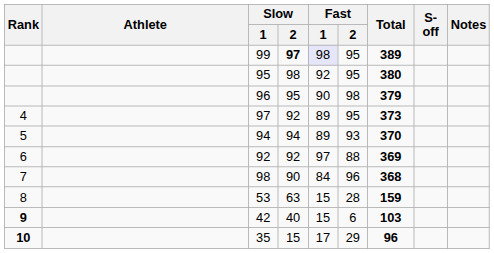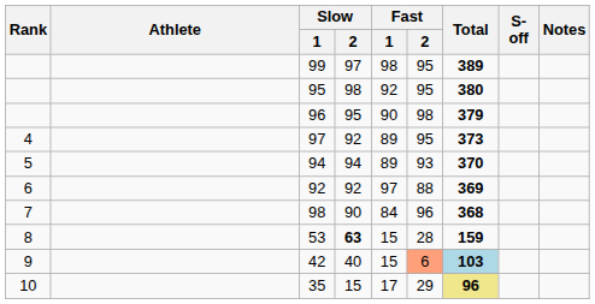 <table class="wikitable" style="text-align:center">
 <tr>
 <th rowspan=2 width=40>Rank</th>
 <th rowspan=2 width=250>Athlete</th>
 <th colspan=2>Slow</th>
 <th colspan=2>Fast</th>
 <th rowspan=2 width=50>Total</th>
 <th rowspan=2 width=35>S-off</th>
 <th rowspan=2 width=45>Notes</th>
 </tr>
 <tr>
 <th width=30>1</th>
 <th width=30>2</th>
 <th width=30>1</th>
 <th width=30>2</th>
 </tr>
 <tr>
 <td></td>
 <td align=left></td>
 <td>99</td>
-<td><strong>97</strong></td>
-<td style="background: lavender;">98</td>
+<td>97</td>
+<td>98</td>
 <td>95</td>
 <td><strong>389</strong></td>
 <td></td>
 <td></td>
 </tr>
 <tr>
 <td></td>
 <td align=left></td>
 <td>95</td>
 <td>98</td>
 <td>92</td>
 <td>95</td>
 <td><strong>380</strong></td>
 <td></td>
 <td></td>
 </tr>
 <tr>
 <td></td>
 <td align=left></td>
 <td>96</td>
 <td>95</td>
 <td>90</td>
 <td>98</td>
 <td><strong>379</strong></td>
 <td></td>
 <td></td>
 </tr>
 <tr>
 <td>4</td>
 <td align=left></td>
 <td>97</td>
 <td>92</td>
 <td>89</td>
 <td>95</td>
 <td><strong>373</strong></td>
 <td></td>
 <td></td>
 </tr>
 <tr>
 <td>5</td>
 <td align=left></td>
 <td>94</td>
 <td>94</td>
 <td>89</td>
 <td>93</td>
 <td><strong>370</strong></td>
 <td></td>
 <td></td>
 </tr>
 <tr>
 <td>6</td>
 <td align=left></td>
 <td>92</td>
 <td>92</td>
 <td>97</td>
 <td>88</td>
 <td><strong>369</strong></td>
 <td></td>
 <td></td>
 </tr>
 <tr>
 <td>7</td>
 <td align=left></td>
 <td>98</td>
 <td>90</td>
 <td>84</td>
 <td>96</td>
 <td><strong>368</strong></td>
 <td></td>
 <td></td>
 </tr>
 <tr>
 <td>8</td>
 <td align=left></td>
 <td>53</td>
-<td>63</td>
+<td><strong>63</strong></td>
 <td>15</td>
 <td>28</td>
 <td><strong>159</strong></td>
 <td></td>
 <td></td>
 </tr>
 <tr>
-<td><strong>9</strong></td>
+<td>9</td>
 <td align=left></td>
 <td>42</td>
 <td>40</td>
 <td>15</td>
-<td>6</td>
-<td><strong>103</strong></td>
+<td style="background: lightsalmon;">6</td>
+<td style="background: lightblue;"><strong>103</strong></td>
 <td></td>
 <td></td>
 </tr>
 <tr>
-<td><strong>10</strong></td>
+<td>10</td>
 <td align=left></td>
 <td>35</td>
 <td>15</td>
 <td>17</td>
 <td>29</td>
-<td><strong>96</strong></td>
+<td style="background: khaki;"><strong>96</strong></td>
 <td></td>
 <td></td>
 </tr>
 </table>
